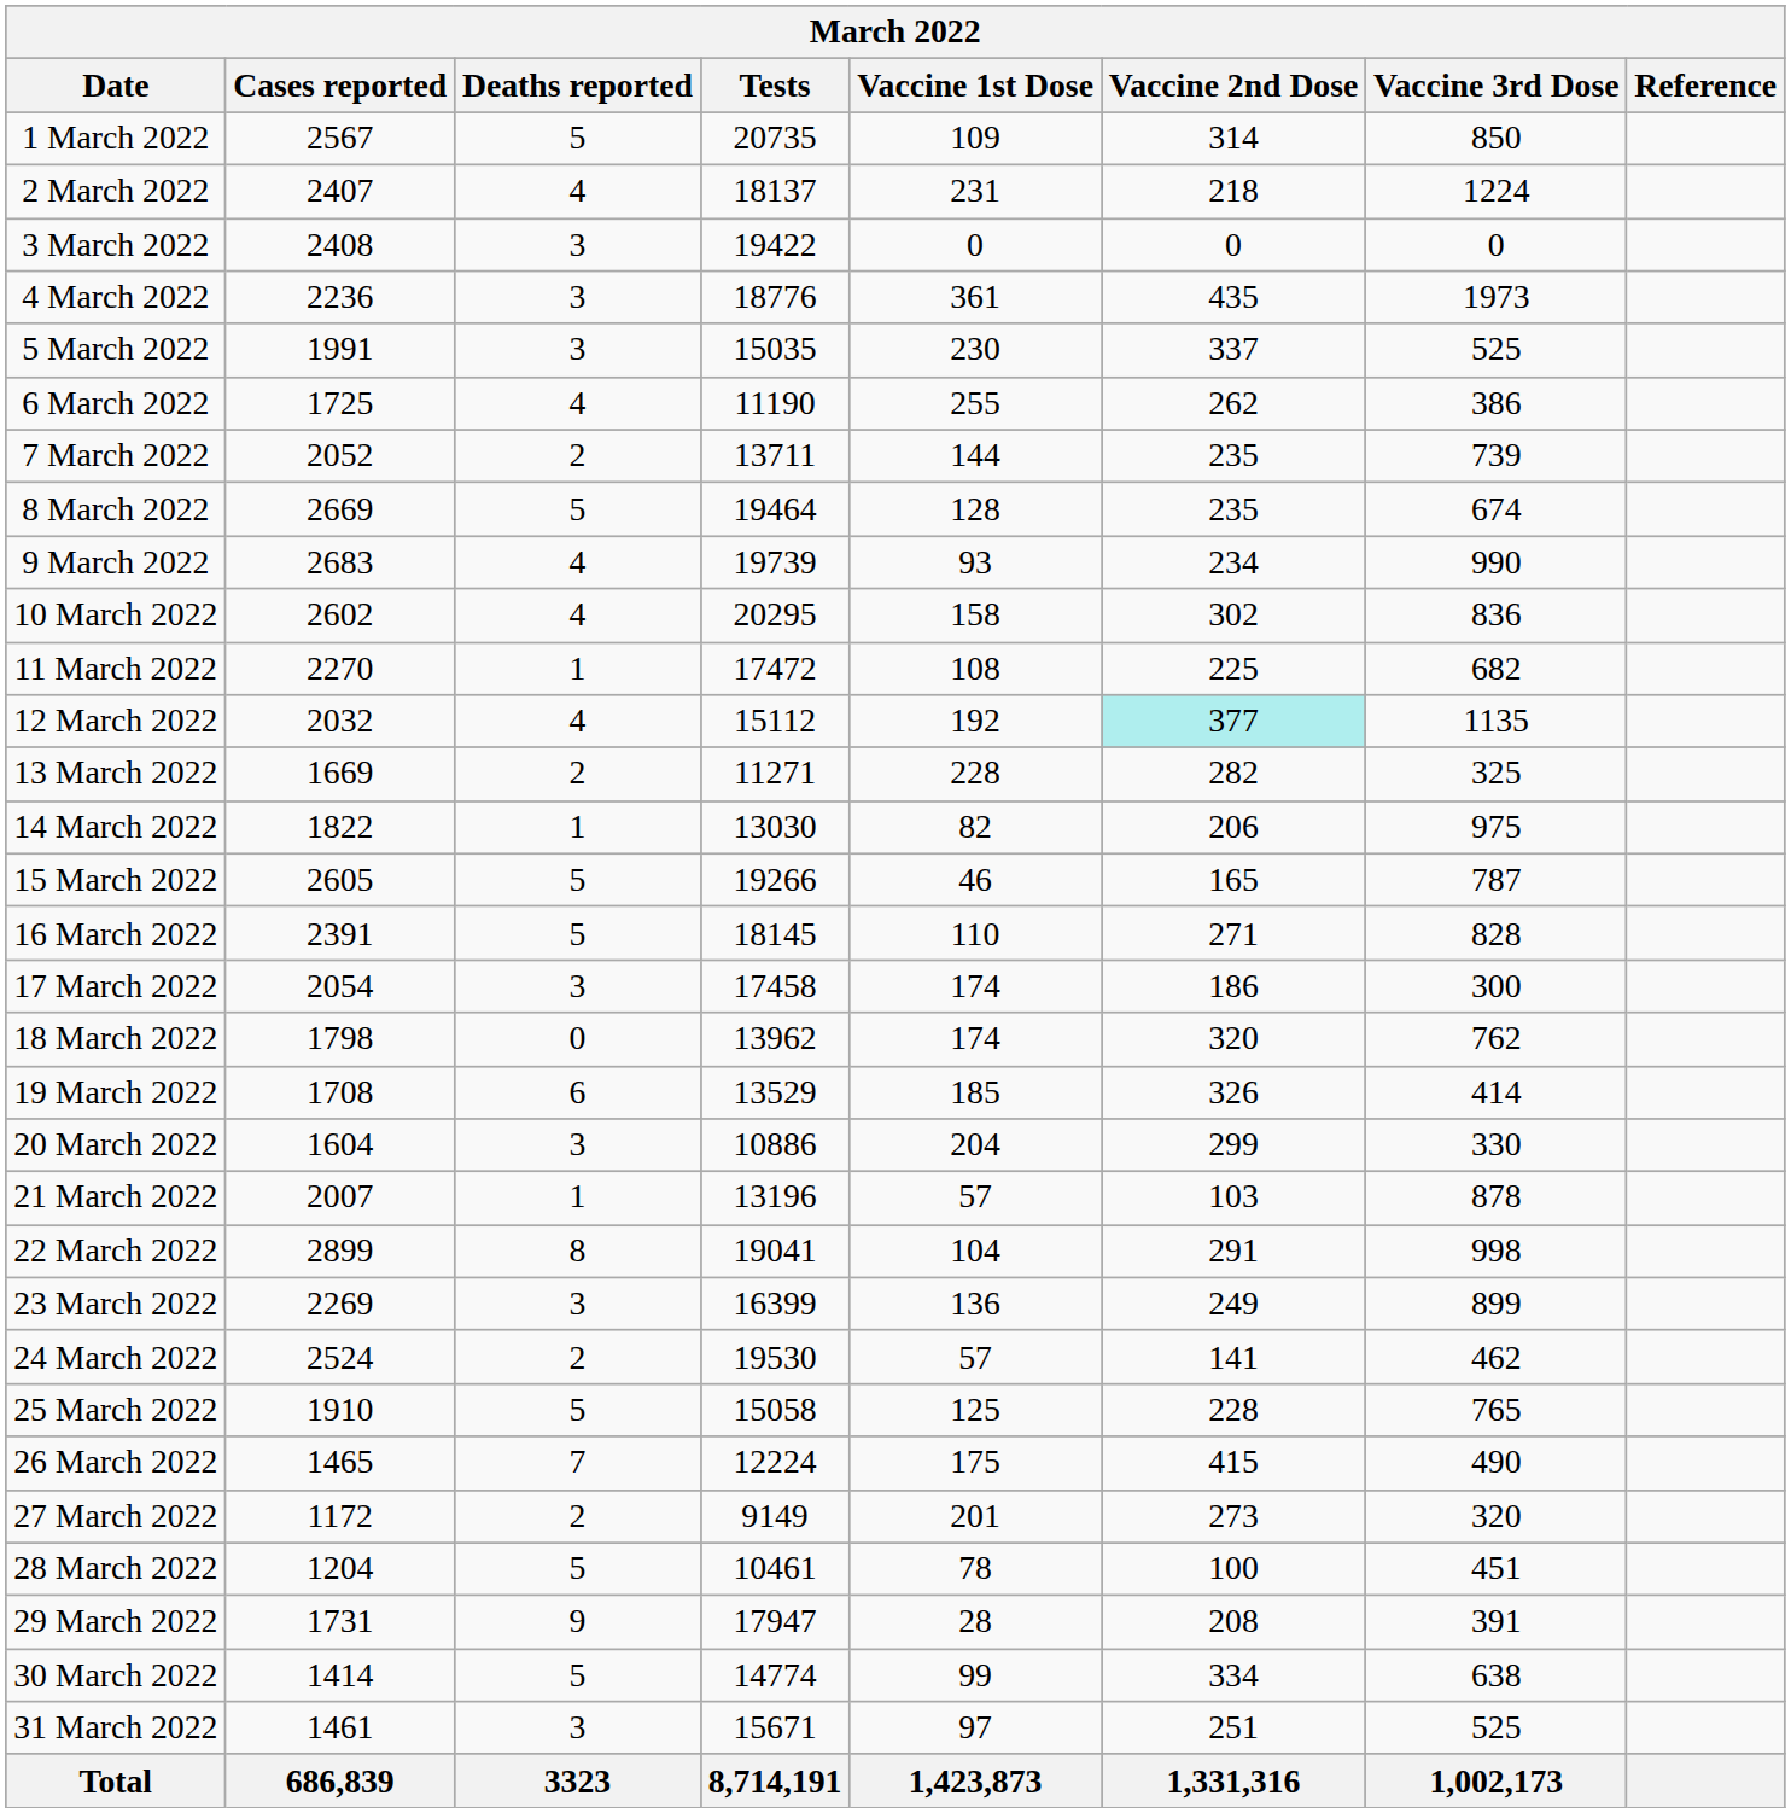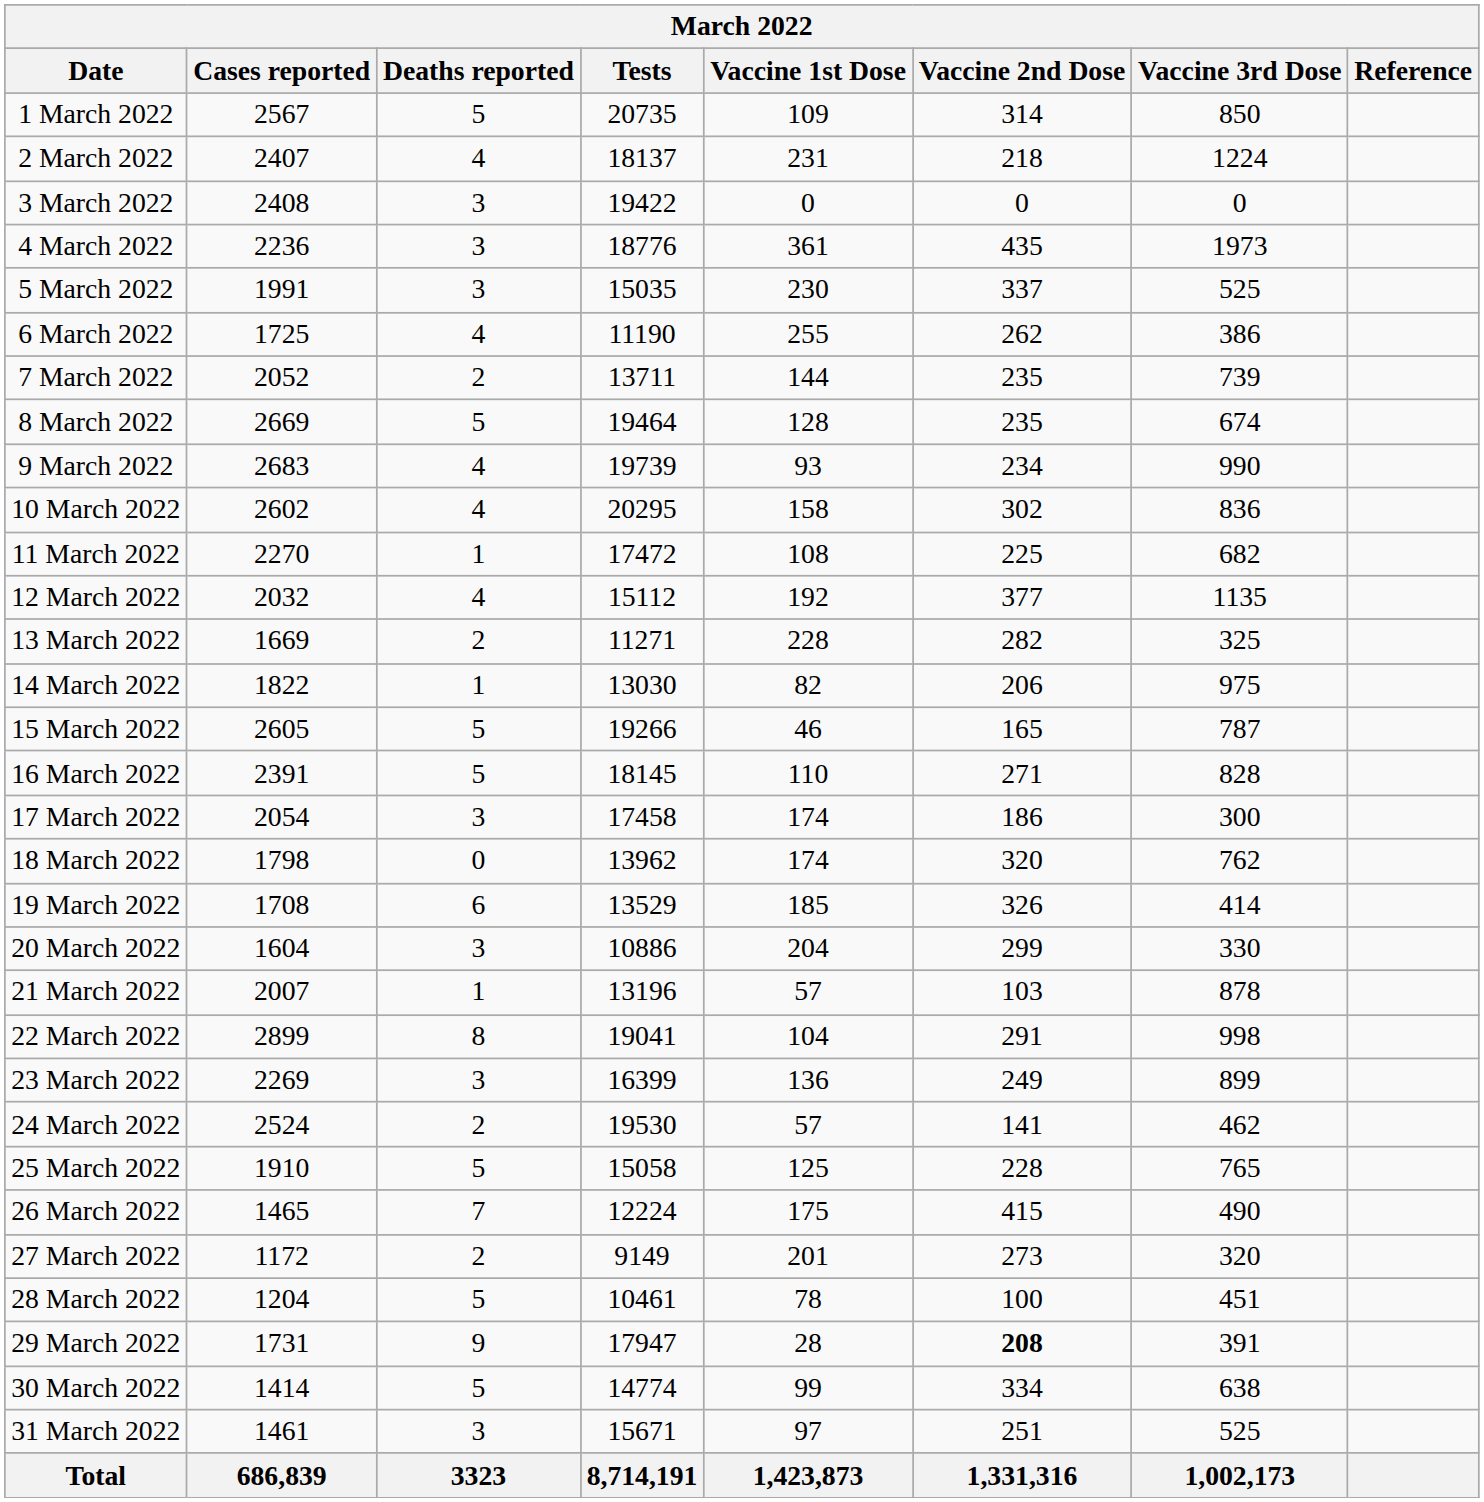 <table class="wikitable sortable" style="text-align:center;">
 <tr>
 <th colspan="8">March 2022</th>
 </tr>
 <tr>
 <th>Date</th>
 <th>Cases reported</th>
 <th>Deaths reported</th>
 <th>Tests</th>
 <th>Vaccine 1st Dose</th>
 <th>Vaccine 2nd Dose</th>
 <th>Vaccine 3rd Dose</th>
 <th>Reference</th>
 </tr>
 <tr>
 <td>1 March 2022</td>
 <td>2567</td>
 <td>5</td>
 <td>20735</td>
 <td>109</td>
 <td>314</td>
 <td>850</td>
 <td></td>
 </tr>
 <tr>
 <td>2 March 2022</td>
 <td>2407</td>
 <td>4</td>
 <td>18137</td>
 <td>231</td>
 <td>218</td>
 <td>1224</td>
 <td></td>
 </tr>
 <tr>
 <td>3 March 2022</td>
 <td>2408</td>
 <td>3</td>
 <td>19422</td>
 <td>0</td>
 <td>0</td>
 <td>0</td>
 <td></td>
 </tr>
 <tr>
 <td>4 March 2022</td>
 <td>2236</td>
 <td>3</td>
 <td>18776</td>
 <td>361</td>
 <td>435</td>
 <td>1973</td>
 <td></td>
 </tr>
 <tr>
 <td>5 March 2022</td>
 <td>1991</td>
 <td>3</td>
 <td>15035</td>
 <td>230</td>
 <td>337</td>
 <td>525</td>
 <td></td>
 </tr>
 <tr>
 <td>6 March 2022</td>
 <td>1725</td>
 <td>4</td>
 <td>11190</td>
 <td>255</td>
 <td>262</td>
 <td>386</td>
 <td></td>
 </tr>
 <tr>
 <td>7 March 2022</td>
 <td>2052</td>
 <td>2</td>
 <td>13711</td>
 <td>144</td>
 <td>235</td>
 <td>739</td>
 <td></td>
 </tr>
 <tr>
 <td>8 March 2022</td>
 <td>2669</td>
 <td>5</td>
 <td>19464</td>
 <td>128</td>
 <td>235</td>
 <td>674</td>
 <td></td>
 </tr>
 <tr>
 <td>9 March 2022</td>
 <td>2683</td>
 <td>4</td>
 <td>19739</td>
 <td>93</td>
 <td>234</td>
 <td>990</td>
 <td></td>
 </tr>
 <tr>
 <td>10 March 2022</td>
 <td>2602</td>
 <td>4</td>
 <td>20295</td>
 <td>158</td>
 <td>302</td>
 <td>836</td>
 <td></td>
 </tr>
 <tr>
 <td>11 March 2022</td>
 <td>2270</td>
 <td>1</td>
 <td>17472</td>
 <td>108</td>
 <td>225</td>
 <td>682</td>
 <td></td>
 </tr>
 <tr>
 <td>12 March 2022</td>
 <td>2032</td>
 <td>4</td>
 <td>15112</td>
 <td>192</td>
-<td style="background: paleturquoise;">377</td>
+<td>377</td>
 <td>1135</td>
 <td></td>
 </tr>
 <tr>
 <td>13 March 2022</td>
 <td>1669</td>
 <td>2</td>
 <td>11271</td>
 <td>228</td>
 <td>282</td>
 <td>325</td>
 <td></td>
 </tr>
 <tr>
 <td>14 March 2022</td>
 <td>1822</td>
 <td>1</td>
 <td>13030</td>
 <td>82</td>
 <td>206</td>
 <td>975</td>
 <td></td>
 </tr>
 <tr>
 <td>15 March 2022</td>
 <td>2605</td>
 <td>5</td>
 <td>19266</td>
 <td>46</td>
 <td>165</td>
 <td>787</td>
 <td></td>
 </tr>
 <tr>
 <td>16 March 2022</td>
 <td>2391</td>
 <td>5</td>
 <td>18145</td>
 <td>110</td>
 <td>271</td>
 <td>828</td>
 <td></td>
 </tr>
 <tr>
 <td>17 March 2022</td>
 <td>2054</td>
 <td>3</td>
 <td>17458</td>
 <td>174</td>
 <td>186</td>
 <td>300</td>
 <td></td>
 </tr>
 <tr>
 <td>18 March 2022</td>
 <td>1798</td>
 <td>0</td>
 <td>13962</td>
 <td>174</td>
 <td>320</td>
 <td>762</td>
 <td></td>
 </tr>
 <tr>
 <td>19 March 2022</td>
 <td>1708</td>
 <td>6</td>
 <td>13529</td>
 <td>185</td>
 <td>326</td>
 <td>414</td>
 <td></td>
 </tr>
 <tr>
 <td>20 March 2022</td>
 <td>1604</td>
 <td>3</td>
 <td>10886</td>
 <td>204</td>
 <td>299</td>
 <td>330</td>
 <td></td>
 </tr>
 <tr>
 <td>21 March 2022</td>
 <td>2007</td>
 <td>1</td>
 <td>13196</td>
 <td>57</td>
 <td>103</td>
 <td>878</td>
 <td></td>
 </tr>
 <tr>
 <td>22 March 2022</td>
 <td>2899</td>
 <td>8</td>
 <td>19041</td>
 <td>104</td>
 <td>291</td>
 <td>998</td>
 <td></td>
 </tr>
 <tr>
 <td>23 March 2022</td>
 <td>2269</td>
 <td>3</td>
 <td>16399</td>
 <td>136</td>
 <td>249</td>
 <td>899</td>
 <td></td>
 </tr>
 <tr>
 <td>24 March 2022</td>
 <td>2524</td>
 <td>2</td>
 <td>19530</td>
 <td>57</td>
 <td>141</td>
 <td>462</td>
 <td></td>
 </tr>
 <tr>
 <td>25 March 2022</td>
 <td>1910</td>
 <td>5</td>
 <td>15058</td>
 <td>125</td>
 <td>228</td>
 <td>765</td>
 <td></td>
 </tr>
 <tr>
 <td>26 March 2022</td>
 <td>1465</td>
 <td>7</td>
 <td>12224</td>
 <td>175</td>
 <td>415</td>
 <td>490</td>
 <td></td>
 </tr>
 <tr>
 <td>27 March 2022</td>
 <td>1172</td>
 <td>2</td>
 <td>9149</td>
 <td>201</td>
 <td>273</td>
 <td>320</td>
 <td></td>
 </tr>
 <tr>
 <td>28 March 2022</td>
 <td>1204</td>
 <td>5</td>
 <td>10461</td>
 <td>78</td>
 <td>100</td>
 <td>451</td>
 <td></td>
 </tr>
 <tr>
 <td>29 March 2022</td>
 <td>1731</td>
 <td>9</td>
 <td>17947</td>
 <td>28</td>
-<td>208</td>
+<td><strong>208</strong></td>
 <td>391</td>
 <td></td>
 </tr>
 <tr>
 <td>30 March 2022</td>
 <td>1414</td>
 <td>5</td>
 <td>14774</td>
 <td>99</td>
 <td>334</td>
 <td>638</td>
 <td></td>
 </tr>
 <tr>
 <td>31 March 2022</td>
 <td>1461</td>
 <td>3</td>
 <td>15671</td>
 <td>97</td>
 <td>251</td>
 <td>525</td>
 <td></td>
 </tr>
 <tr>
 <th>Total</th>
 <th>686,839</th>
 <th>3323</th>
 <th>8,714,191</th>
 <th>1,423,873</th>
 <th>1,331,316</th>
 <th>1,002,173</th>
 <th></th>
 </tr>
 </table>
